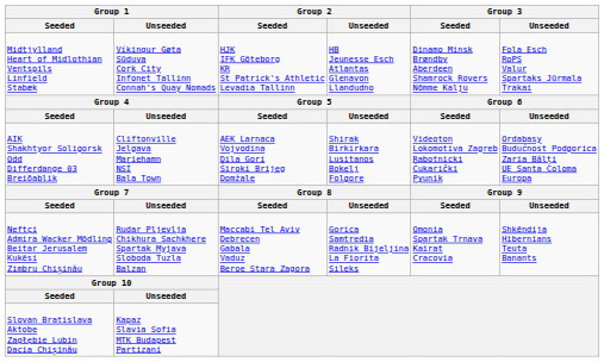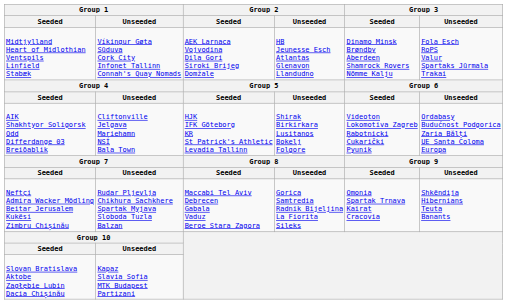 <table class="wikitable" style="font-size:85%">
 <tr>
 <th colspan=2>Group 1</th>
 <th colspan=2>Group 2</th>
 <th colspan=2>Group 3</th>
 </tr>
 <tr>
 <th>Seeded</th>
 <th>Unseeded</th>
 <th>Seeded</th>
 <th>Unseeded</th>
 <th>Seeded</th>
 <th>Unseeded</th>
 </tr>
 <tr>
 <td valign=top><br> <a href='#'>Midtjylland</a> <br>  <a href='#'>Heart of Midlothian</a> <br>  <a href='#'>Ventspils</a> <br>  <a href='#'>Linfield</a> <br>  <a href='#'>Stabæk</a> </td>
 <td valign=top><br> <a href='#'>Víkingur Gøta</a> <br>  <a href='#'>Sūduva</a> <br>  <a href='#'>Cork City</a> <br>  <a href='#'>Infonet Tallinn</a> <br>  <a href='#'>Connah's Quay Nomads</a> </td>
-<td valign=top><br> <a href='#'>HJK</a> <br>  <a href='#'>IFK Göteborg</a> <br>  <a href='#'>KR</a> <br>  <a href='#'>St Patrick's Athletic</a> <br>  <a href='#'>Levadia Tallinn</a> </td>
+<td valign=top><br> <a href='#'>AEK Larnaca</a> <br>  <a href='#'>Vojvodina</a> <br>  <a href='#'>Dila Gori</a> <br>  <a href='#'>Široki Brijeg</a> <br>  <a href='#'>Domžale</a> </td>
 <td valign=top><br> <a href='#'>HB</a> <br>  <a href='#'>Jeunesse Esch</a> <br>  <a href='#'>Atlantas</a> <br>  <a href='#'>Glenavon</a> <br>  <a href='#'>Llandudno</a> </td>
 <td valign=top><br> <a href='#'>Dinamo Minsk</a> <br>  <a href='#'>Brøndby</a> <br>  <a href='#'>Aberdeen</a> <br>  <a href='#'>Shamrock Rovers</a> <br>  <a href='#'>Nõmme Kalju</a> </td>
 <td valign=top><br> <a href='#'>Fola Esch</a> <br>  <a href='#'>RoPS</a> <br>  <a href='#'>Valur</a> <br>  <a href='#'>Spartaks Jūrmala</a> <br>  <a href='#'>Trakai</a> </td>
 </tr>
 <tr>
 <th colspan=2>Group 4</th>
 <th colspan=2>Group 5</th>
 <th colspan=2>Group 6</th>
 </tr>
 <tr>
 <th>Seeded</th>
 <th>Unseeded</th>
 <th>Seeded</th>
 <th>Unseeded</th>
 <th>Seeded</th>
 <th>Unseeded</th>
 </tr>
 <tr>
 <td valign=top><br> <a href='#'>AIK</a> <br>  <a href='#'>Shakhtyor Soligorsk</a> <br>  <a href='#'>Odd</a> <br>  <a href='#'>Differdange 03</a> <br>  <a href='#'>Breiðablik</a> </td>
 <td valign=top><br> <a href='#'>Cliftonville</a> <br>  <a href='#'>Jelgava</a> <br>  <a href='#'>Mariehamn</a> <br>  <a href='#'>NSÍ</a> <br>  <a href='#'>Bala Town</a> </td>
-<td valign=top><br> <a href='#'>AEK Larnaca</a> <br>  <a href='#'>Vojvodina</a> <br>  <a href='#'>Dila Gori</a> <br>  <a href='#'>Široki Brijeg</a> <br>  <a href='#'>Domžale</a> </td>
+<td valign=top><br> <a href='#'>HJK</a> <br>  <a href='#'>IFK Göteborg</a> <br>  <a href='#'>KR</a> <br>  <a href='#'>St Patrick's Athletic</a> <br>  <a href='#'>Levadia Tallinn</a> </td>
 <td valign=top><br> <a href='#'>Shirak</a> <br>  <a href='#'>Birkirkara</a> <br>  <a href='#'>Lusitanos</a> <br>  <a href='#'>Bokelj</a> <br>  <a href='#'>Folgore</a> </td>
 <td valign=top><br> <a href='#'>Videoton</a> <br>  <a href='#'>Lokomotiva Zagreb</a> <br>  <a href='#'>Rabotnicki</a> <br>  <a href='#'>Čukarički</a> <br>  <a href='#'>Pyunik</a> </td>
 <td valign=top><br> <a href='#'>Ordabasy</a> <br>  <a href='#'>Budućnost Podgorica</a> <br>  <a href='#'>Zaria Bălți</a> <br>  <a href='#'>UE Santa Coloma</a> <br>  <a href='#'>Europa</a> </td>
 </tr>
 <tr>
 <th colspan=2>Group 7</th>
 <th colspan=2>Group 8</th>
 <th colspan=2>Group 9</th>
 </tr>
 <tr>
 <th>Seeded</th>
 <th>Unseeded</th>
 <th>Seeded</th>
 <th>Unseeded</th>
 <th>Seeded</th>
 <th>Unseeded</th>
 </tr>
 <tr>
 <td valign=top><br> <a href='#'>Neftçi</a> <br>  <a href='#'>Admira Wacker Mödling</a> <br>  <a href='#'>Beitar Jerusalem</a> <br>  <a href='#'>Kukësi</a> <br>  <a href='#'>Zimbru Chișinău</a> </td>
 <td valign=top><br> <a href='#'>Rudar Pljevlja</a> <br>  <a href='#'>Chikhura Sachkhere</a> <br>  <a href='#'>Spartak Myjava</a> <br>  <a href='#'>Sloboda Tuzla</a> <br>  <a href='#'>Balzan</a> </td>
 <td valign=top><br> <a href='#'>Maccabi Tel Aviv</a> <br>  <a href='#'>Debrecen</a> <br>  <a href='#'>Gabala</a> <br>  <a href='#'>Vaduz</a> <br>  <a href='#'>Beroe Stara Zagora</a> </td>
 <td valign=top><br> <a href='#'>Gorica</a> <br>  <a href='#'>Samtredia</a> <br>  <a href='#'>Radnik Bijeljina</a> <br>  <a href='#'>La Fiorita</a> <br>  <a href='#'>Sileks</a> </td>
 <td valign=top><br> <a href='#'>Omonia</a> <br>  <a href='#'>Spartak Trnava</a> <br>  <a href='#'>Kairat</a> <br>  <a href='#'>Cracovia</a> </td>
 <td valign=top><br> <a href='#'>Shkëndija</a> <br>  <a href='#'>Hibernians</a> <br>  <a href='#'>Teuta</a> <br>  <a href='#'>Banants</a> </td>
 </tr>
 <tr>
 <th colspan=2>Group 10</th>
 <th rowspan=3 colspan=4></th>
 </tr>
 <tr>
 <th>Seeded</th>
 <th>Unseeded</th>
 </tr>
 <tr>
 <td valign=top><br> <a href='#'>Slovan Bratislava</a> <br>  <a href='#'>Aktobe</a> <br>  <a href='#'>Zagłębie Lubin</a> <br>  <a href='#'>Dacia Chișinău</a> </td>
 <td valign=top><br> <a href='#'>Kapaz</a> <br>  <a href='#'>Slavia Sofia</a> <br>  <a href='#'>MTK Budapest</a> <br>  <a href='#'>Partizani</a> </td>
 </tr>
 </table>
